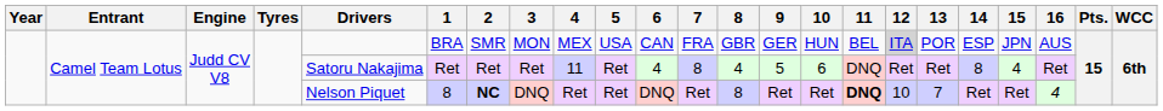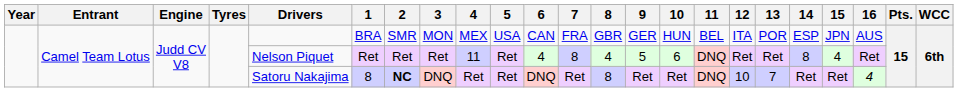 <table class="wikitable" style="text-align:center; font-size:95%">
 <tr>
 <th>Year</th>
 <th>Entrant</th>
 <th>Engine</th>
 <th>Tyres</th>
 <th>Drivers</th>
 <th>1</th>
 <th>2</th>
 <th>3</th>
 <th>4</th>
 <th>5</th>
 <th>6</th>
 <th>7</th>
 <th>8</th>
 <th>9</th>
 <th>10</th>
 <th>11</th>
 <th>12</th>
 <th>13</th>
 <th>14</th>
 <th>15</th>
 <th>16</th>
 <th>Pts.</th>
 <th>WCC</th>
 </tr>
 <tr>
 <td rowspan="3"></td>
 <td rowspan="3"><a href='#'>Camel</a> <a href='#'>Team Lotus</a></td>
 <td rowspan="3"><a href='#'>Judd CV</a><br><a href='#'>V8</a></td>
 <td rowspan="3"></td>
 <td></td>
 <td><a href='#'>BRA</a></td>
 <td><a href='#'>SMR</a></td>
 <td><a href='#'>MON</a></td>
 <td><a href='#'>MEX</a></td>
 <td><a href='#'>USA</a></td>
 <td><a href='#'>CAN</a></td>
 <td><a href='#'>FRA</a></td>
 <td><a href='#'>GBR</a></td>
 <td><a href='#'>GER</a></td>
 <td><a href='#'>HUN</a></td>
 <td><a href='#'>BEL</a></td>
-<td style="background: lightgrey;"><a href='#'>ITA</a></td>
+<td><a href='#'>ITA</a></td>
 <td><a href='#'>POR</a></td>
 <td><a href='#'>ESP</a></td>
 <td><a href='#'>JPN</a></td>
 <td><a href='#'>AUS</a></td>
 <th rowspan="3">15</th>
 <th rowspan="3">6th</th>
 </tr>
 <tr>
-<td align="left"><a href='#'>Satoru Nakajima</a></td>
+<td align="left"><a href='#'>Nelson Piquet</a></td>
 <td style="background:#EFCFFF;">Ret</td>
 <td style="background:#EFCFFF;">Ret</td>
 <td style="background:#EFCFFF;">Ret</td>
 <td style="background:#CFCFFF;">11</td>
 <td style="background:#EFCFFF;">Ret</td>
 <td style="background:#DFFFDF;">4</td>
 <td style="background:#CFCFFF;">8</td>
 <td style="background:#DFFFDF;">4</td>
 <td style="background:#DFFFDF;">5</td>
 <td style="background:#DFFFDF;">6</td>
 <td style="background:#FFCFCF;">DNQ</td>
 <td style="background:#EFCFFF;">Ret</td>
 <td style="background:#EFCFFF;">Ret</td>
 <td style="background:#CFCFFF;">8</td>
 <td style="background:#DFFFDF;">4</td>
 <td style="background:#EFCFFF;">Ret</td>
 </tr>
 <tr>
-<td align="left"><a href='#'>Nelson Piquet</a></td>
+<td align="left"><a href='#'>Satoru Nakajima</a></td>
 <td style="background:#CFCFFF;">8</td>
 <td style="background:#CFCFFF;"><strong>NC</strong></td>
 <td style="background:#FFCFCF;">DNQ</td>
 <td style="background:#EFCFFF;">Ret</td>
 <td style="background:#EFCFFF;">Ret</td>
 <td style="background:#FFCFCF;">DNQ</td>
 <td style="background:#EFCFFF;">Ret</td>
 <td style="background:#CFCFFF;">8</td>
 <td style="background:#EFCFFF;">Ret</td>
 <td style="background:#EFCFFF;">Ret</td>
-<td style="background:#FFCFCF;"><strong>DNQ</strong></td>
+<td style="background:#FFCFCF;">DNQ</td>
 <td style="background:#CFCFFF;">10</td>
 <td style="background:#CFCFFF;">7</td>
 <td style="background:#EFCFFF;">Ret</td>
 <td style="background:#EFCFFF;">Ret</td>
 <td style="background:#DFFFDF;"><em>4</em></td>
 </tr>
 </table>
